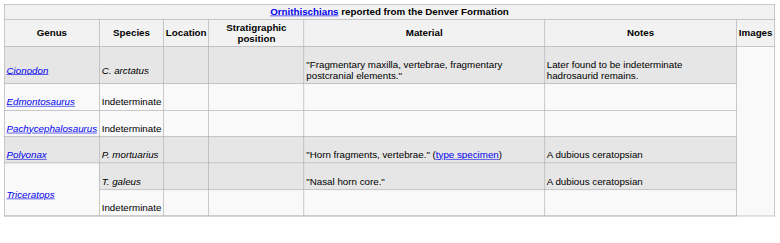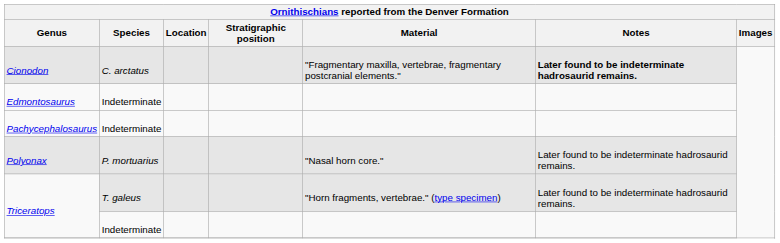 <table class="wikitable" align="center" width="100%">
 <tr>
 <th colspan="7" align="center"><strong><a href='#'>Ornithischians</a> reported from the Denver Formation</strong></th>
 </tr>
 <tr>
 <th>Genus</th>
 <th>Species</th>
 <th>Location</th>
 <th>Stratigraphic position</th>
 <th>Material</th>
 <th>Notes</th>
 <th>Images</th>
 </tr>
 <tr>
 <td style="background:#E6E6E6;"><br><em><a href='#'>Cionodon</a></em></td>
 <td style="background:#E6E6E6;"><br><em>C. arctatus</em></td>
 <td style="background:#E6E6E6;"></td>
 <td style="background:#E6E6E6;"></td>
 <td style="background:#E6E6E6;"><br>"Fragmentary maxilla, vertebrae, fragmentary postcranial elements."</td>
-<td style="background:#E6E6E6;"><br>Later found to be indeterminate hadrosaurid remains.</td>
+<td style="background:#E6E6E6;"><strong><br>Later found to be indeterminate hadrosaurid remains.</strong></td>
 <td rowspan="99"><br>  </td>
 </tr>
 <tr>
 <td><br><em><a href='#'>Edmontosaurus</a></em></td>
 <td><br>Indeterminate</td>
 <td></td>
 <td></td>
 <td></td>
 <td></td>
 </tr>
 <tr>
 <td><br><em><a href='#'>Pachycephalosaurus</a></em></td>
 <td><br>Indeterminate</td>
 <td></td>
 <td></td>
 <td></td>
 <td></td>
 </tr>
 <tr>
 <td style="background:#E6E6E6;"><br><em><a href='#'>Polyonax</a></em></td>
 <td style="background:#E6E6E6;"><br><em>P. mortuarius</em></td>
 <td style="background:#E6E6E6;"></td>
 <td style="background:#E6E6E6;"></td>
-<td style="background:#E6E6E6;"><br>"Horn fragments, vertebrae." (<a href='#'>type specimen</a>)</td>
-<td style="background:#E6E6E6;"><br>A dubious ceratopsian</td>
+<td style="background:#E6E6E6;"><br>"Nasal horn core."</td>
+<td style="background:#E6E6E6;"><br>Later found to be indeterminate hadrosaurid remains.</td>
 </tr>
 <tr>
 <td rowspan="2"><br><em><a href='#'>Triceratops</a></em></td>
 <td style="background:#E6E6E6;"><br><em>T. galeus</em></td>
 <td style="background:#E6E6E6;"></td>
 <td style="background:#E6E6E6;"></td>
-<td style="background:#E6E6E6;"><br>"Nasal horn core."</td>
-<td style="background:#E6E6E6;"><br>A dubious ceratopsian</td>
+<td style="background:#E6E6E6;"><br>"Horn fragments, vertebrae." (<a href='#'>type specimen</a>)</td>
+<td style="background:#E6E6E6;"><br>Later found to be indeterminate hadrosaurid remains.</td>
 </tr>
 <tr>
 <td><br>Indeterminate</td>
 <td></td>
 <td></td>
 <td></td>
 <td></td>
 </tr>
 <tr>
 </tr>
 </table>
